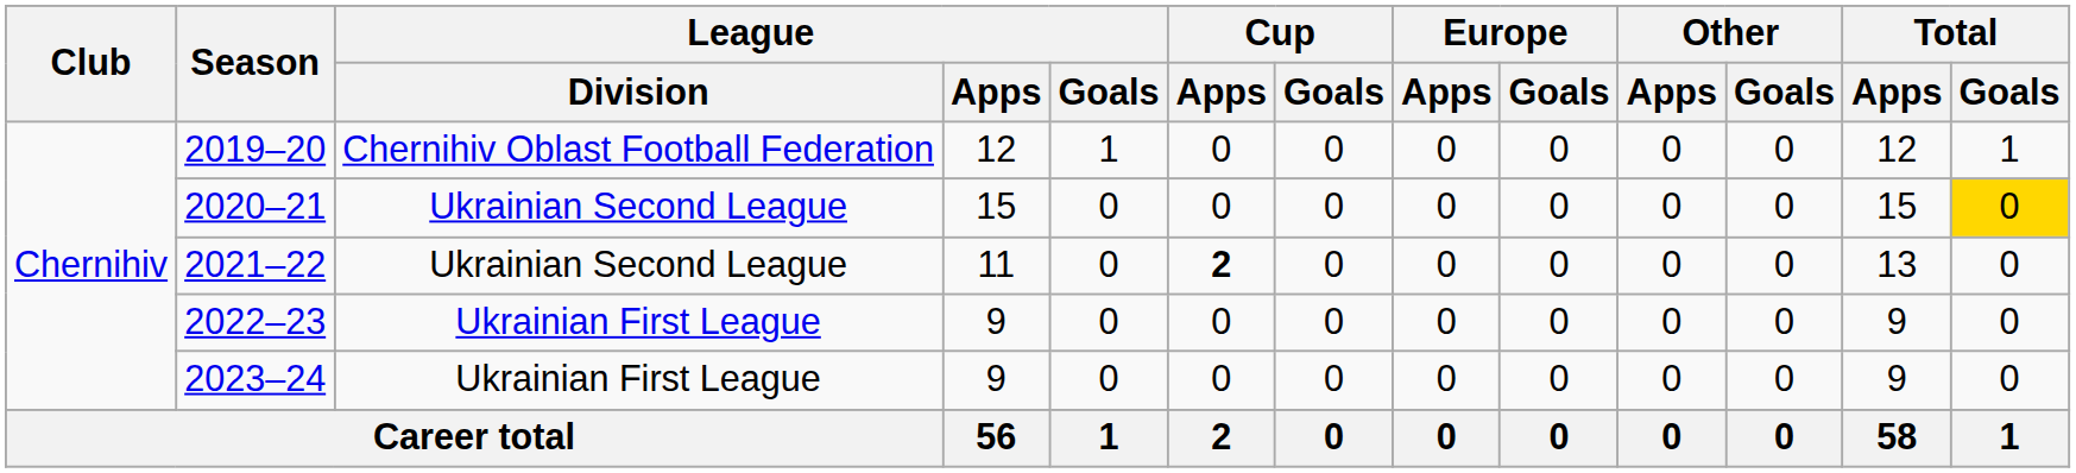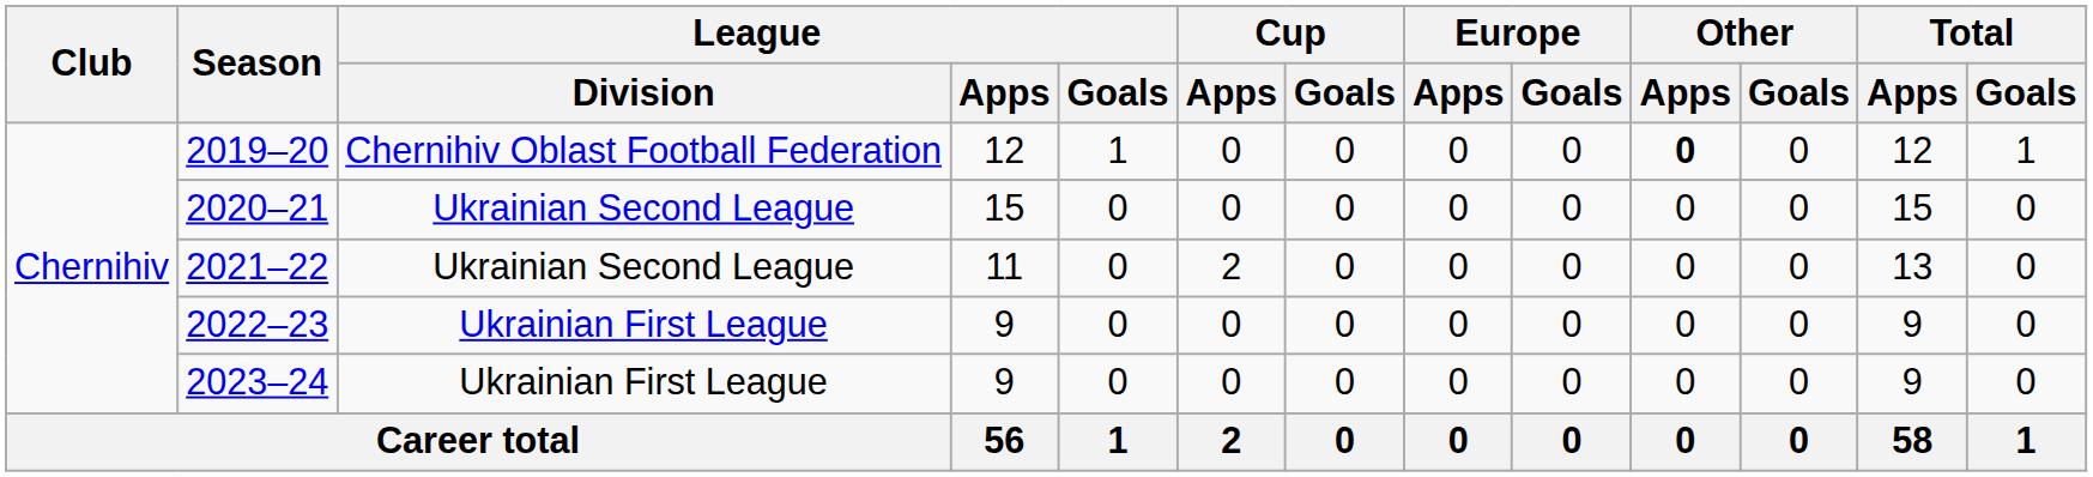 <table class="wikitable" style="text-align:center">
 <tr>
 <th rowspan="2">Club</th>
 <th rowspan="2">Season</th>
 <th colspan="3">League</th>
 <th colspan="2">Cup</th>
 <th colspan="2">Europe</th>
 <th colspan="2">Other</th>
 <th colspan="2">Total</th>
 </tr>
 <tr>
 <th>Division</th>
 <th>Apps</th>
 <th>Goals</th>
 <th>Apps</th>
 <th>Goals</th>
 <th>Apps</th>
 <th>Goals</th>
 <th>Apps</th>
 <th>Goals</th>
 <th>Apps</th>
 <th>Goals</th>
 </tr>
 <tr>
 <td rowspan="5"><a href='#'>Chernihiv</a></td>
 <td><a href='#'>2019–20</a></td>
 <td><a href='#'>Chernihiv Oblast Football Federation</a></td>
 <td>12</td>
 <td>1</td>
 <td>0</td>
 <td>0</td>
 <td>0</td>
 <td>0</td>
-<td>0</td>
+<td><strong>0</strong></td>
 <td>0</td>
 <td>12</td>
 <td>1</td>
 </tr>
 <tr>
 <td><a href='#'>2020–21</a></td>
 <td><a href='#'>Ukrainian Second League</a></td>
 <td>15</td>
 <td>0</td>
 <td>0</td>
 <td>0</td>
 <td>0</td>
 <td>0</td>
 <td>0</td>
 <td>0</td>
 <td>15</td>
-<td style="background: gold;">0</td>
+<td>0</td>
 </tr>
 <tr>
 <td><a href='#'>2021–22</a></td>
 <td>Ukrainian Second League</td>
 <td>11</td>
 <td>0</td>
-<td><strong>2</strong></td>
+<td>2</td>
 <td>0</td>
 <td>0</td>
 <td>0</td>
 <td>0</td>
 <td>0</td>
 <td>13</td>
 <td>0</td>
 </tr>
 <tr>
 <td><a href='#'>2022–23</a></td>
 <td><a href='#'>Ukrainian First League</a></td>
 <td>9</td>
 <td>0</td>
 <td>0</td>
 <td>0</td>
 <td>0</td>
 <td>0</td>
 <td>0</td>
 <td>0</td>
 <td>9</td>
 <td>0</td>
 </tr>
 <tr>
 <td><a href='#'>2023–24</a></td>
 <td>Ukrainian First League</td>
 <td>9</td>
 <td>0</td>
 <td>0</td>
 <td>0</td>
 <td>0</td>
 <td>0</td>
 <td>0</td>
 <td>0</td>
 <td>9</td>
 <td>0</td>
 </tr>
 <tr>
 <th colspan="3">Career total</th>
 <th>56</th>
 <th>1</th>
 <th>2</th>
 <th>0</th>
 <th>0</th>
 <th>0</th>
 <th>0</th>
 <th>0</th>
 <th>58</th>
 <th>1</th>
 </tr>
 </table>
